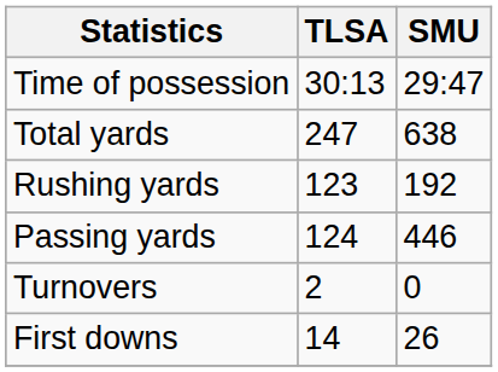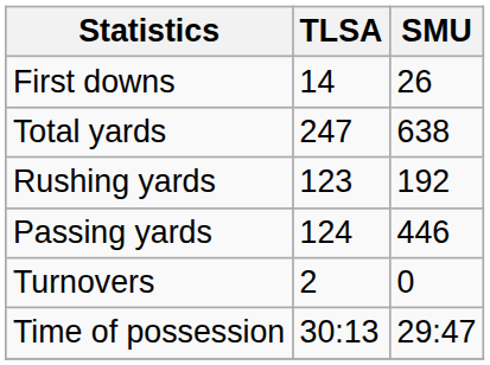 <table class="wikitable" style="float: left;">
 <tr>
 <th>Statistics</th>
 <th>TLSA</th>
 <th>SMU</th>
 </tr>
 <tr>
-<td>Time of possession</td>
-<td>30:13</td>
-<td>29:47</td>
+<td>First downs</td>
+<td>14</td>
+<td>26</td>
 </tr>
 <tr>
 <td>Total yards</td>
 <td>247</td>
 <td>638</td>
 </tr>
 <tr>
 <td>Rushing yards</td>
 <td>123</td>
 <td>192</td>
 </tr>
 <tr>
 <td>Passing yards</td>
 <td>124</td>
 <td>446</td>
 </tr>
 <tr>
 <td>Turnovers</td>
 <td>2</td>
 <td>0</td>
 </tr>
 <tr>
-<td>First downs</td>
-<td>14</td>
-<td>26</td>
+<td>Time of possession</td>
+<td>30:13</td>
+<td>29:47</td>
 </tr>
 <tr>
 </tr>
 </table>
